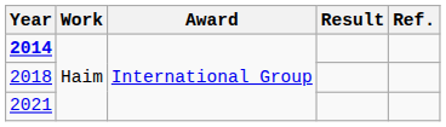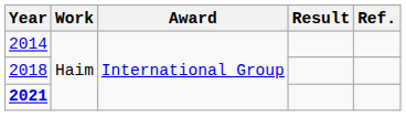 <table class="wikitable">
 <tr>
 <th width="30px">Year</th>
 <th>Work</th>
 <th>Award</th>
 <th>Result</th>
 <th>Ref.</th>
 </tr>
 <tr>
-<td><strong><a href='#'>2014</a></strong></td>
+<td><a href='#'>2014</a></td>
 <td rowspan="3">Haim</td>
 <td rowspan="3"><a href='#'>International Group</a></td>
 <td></td>
 <td></td>
 </tr>
 <tr>
 <td><a href='#'>2018</a></td>
 <td></td>
 <td></td>
 </tr>
 <tr>
-<td><a href='#'>2021</a></td>
+<td><strong><a href='#'>2021</a></strong></td>
 <td></td>
 <td></td>
 </tr>
 </table>
